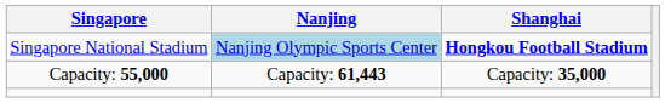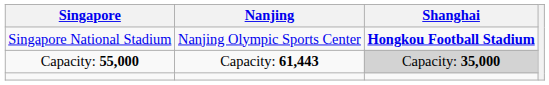 <table class="wikitable" style="margin:0.5em auto; text-align:center">
 <tr>
 <th> <a href='#'>Singapore</a></th>
 <th> <a href='#'>Nanjing</a></th>
 <th> <a href='#'>Shanghai</a></th>
 <th rowspan="4"></th>
 </tr>
 <tr>
 <td><a href='#'>Singapore National Stadium</a></td>
-<td style="background: lightblue;"><a href='#'>Nanjing Olympic Sports Center</a></td>
+<td><a href='#'>Nanjing Olympic Sports Center</a></td>
 <td><strong><a href='#'>Hongkou Football Stadium</a></strong></td>
 </tr>
 <tr>
 <td>Capacity: <strong>55,000</strong></td>
 <td>Capacity: <strong>61,443</strong></td>
-<td>Capacity: <strong>35,000</strong></td>
+<td style="background: lightgrey;">Capacity: <strong>35,000</strong></td>
 </tr>
 <tr>
 <td></td>
 <td></td>
 <td></td>
 </tr>
 </table>
